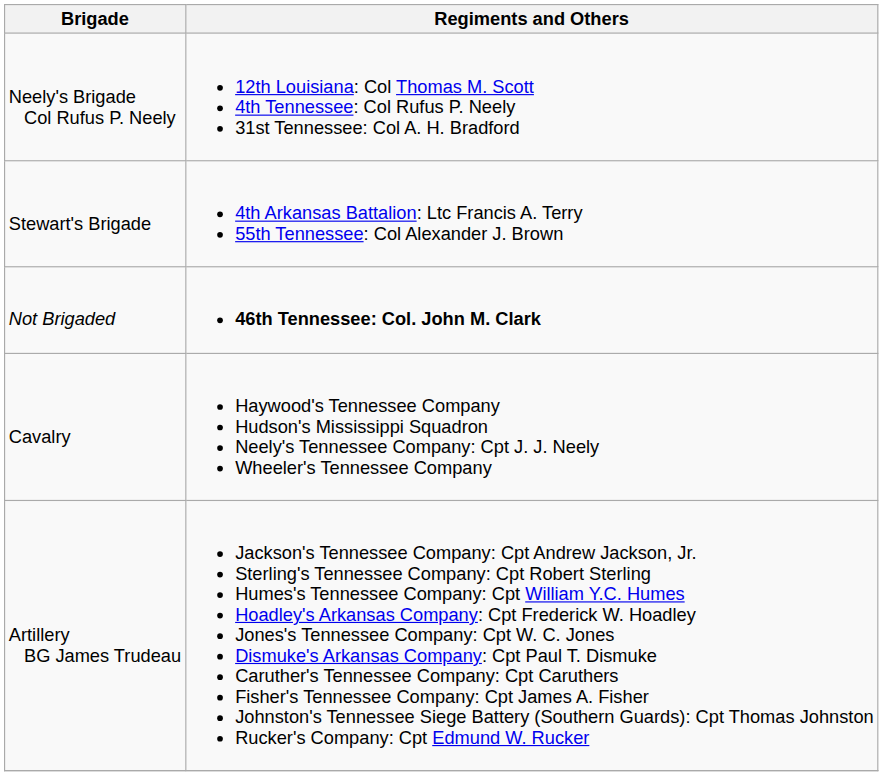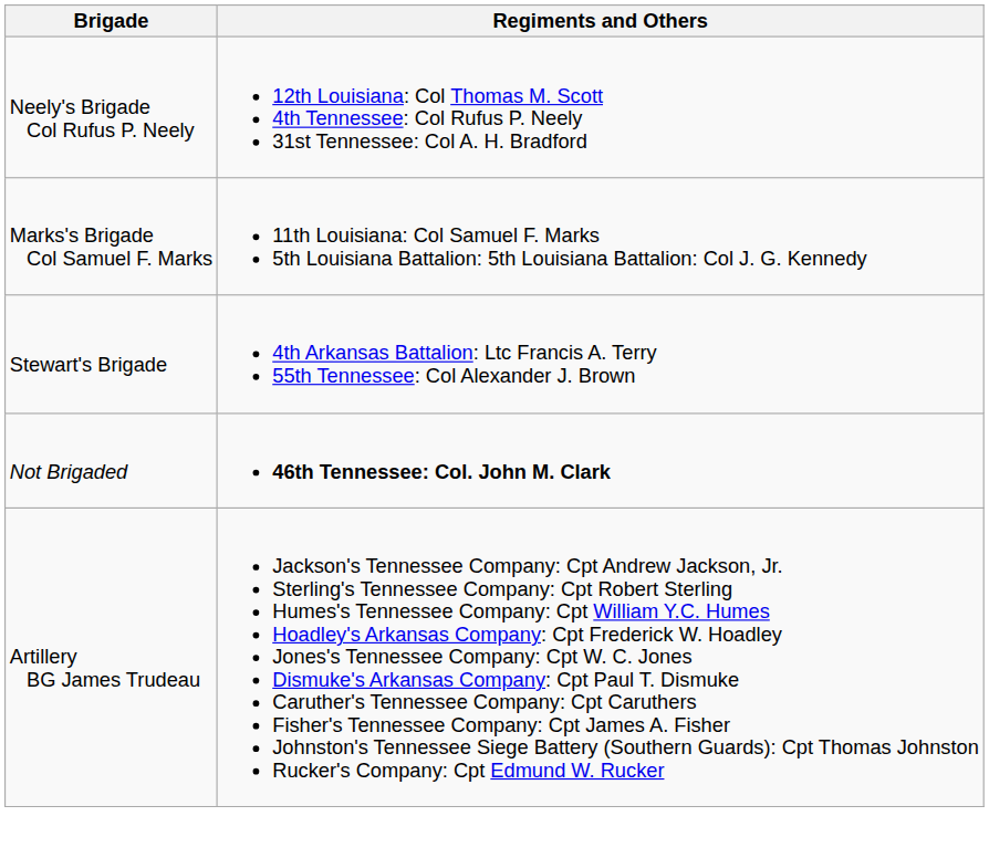 <table class="wikitable">
 <tr>
 <th>Brigade</th>
 <th>Regiments and Others</th>
 </tr>
 <tr>
 <td rowspan=1><br>Neely's Brigade <br>   Col Rufus P. Neely</td>
 <td><br><ul><li><a href='#'>12th Louisiana</a>: Col <a href='#'>Thomas M. Scott</a></li><li><a href='#'>4th Tennessee</a>: Col Rufus P. Neely</li><li>31st Tennessee: Col A. H. Bradford</li></ul></td>
 </tr>
 <tr>
+<td rowspan=1><br>Marks's Brigade <br>   Col Samuel F. Marks</td>
+<td><br><ul><li>11th Louisiana: Col Samuel F. Marks</li><li>5th Louisiana Battalion: 5th Louisiana Battalion: Col J. G. Kennedy</li></ul></td>
+</tr>
+<tr>
 <td rowspan=1><br>Stewart's Brigade</td>
 <td><br><ul><li><a href='#'>4th Arkansas Battalion</a>: Ltc Francis A. Terry</li><li><a href='#'>55th Tennessee</a>: Col Alexander J. Brown</li></ul></td>
 </tr>
 <tr>
 <td rowspan=1><br><em>Not Brigaded</em></td>
 <td><strong><br><ul><li>46th Tennessee: Col. John M. Clark</li></ul></strong></td>
 </tr>
 <tr>
-<td rowspan=1><br>Cavalry</td>
-<td><br><ul><li>Haywood's Tennessee Company</li><li>Hudson's Mississippi Squadron</li><li>Neely's Tennessee Company: Cpt J. J. Neely</li><li>Wheeler's Tennessee Company</li></ul></td>
-</tr>
-<tr>
 <td rowspan=1><br>Artillery <br>   BG James Trudeau</td>
 <td><br><ul><li>Jackson's Tennessee Company: Cpt Andrew Jackson, Jr.</li><li>Sterling's Tennessee Company: Cpt Robert Sterling</li><li>Humes's Tennessee Company: Cpt <a href='#'>William Y.C. Humes</a></li><li><a href='#'>Hoadley's Arkansas Company</a>: Cpt Frederick W. Hoadley</li><li>Jones's Tennessee Company: Cpt W. C. Jones</li><li><a href='#'>Dismuke's Arkansas Company</a>: Cpt Paul T. Dismuke</li><li>Caruther's Tennessee Company: Cpt Caruthers</li><li>Fisher's Tennessee Company: Cpt James A. Fisher</li><li>Johnston's Tennessee Siege Battery (Southern Guards): Cpt Thomas Johnston</li><li>Rucker's Company: Cpt <a href='#'>Edmund W. Rucker</a></li></ul></td>
 </tr>
 <tr>
 </tr>
 </table>
